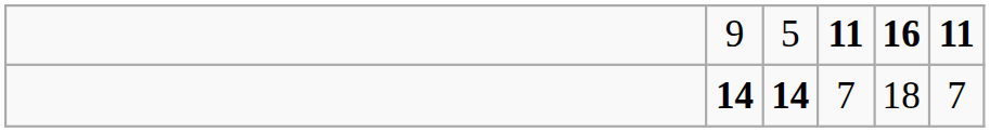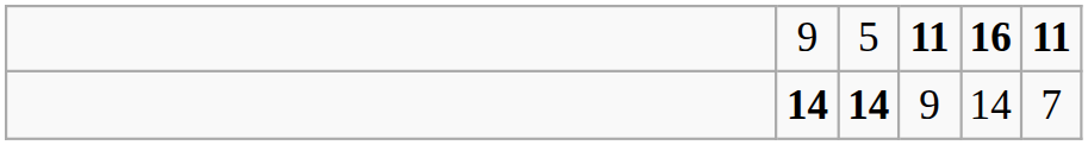 <table class="wikitable">
 <tr>
 <td style="width:18em"></td>
 <td align=center style="width:1em">9</td>
 <td align=center style="width:1em">5</td>
 <td align=center style="width:1em"><strong>11</strong></td>
 <td align=center style="width:1em"><strong>16</strong></td>
 <td align=center style="width:1em"><strong>11</strong></td>
 </tr>
 <tr>
 <td style="width:18em"></td>
 <td align=center style="width:1em"><strong>14</strong></td>
 <td align=center style="width:1em"><strong>14</strong></td>
-<td align=center style="width:1em">7</td>
-<td align=center style="width:1em">18</td>
+<td align=center style="width:1em">9</td>
+<td align=center style="width:1em">14</td>
 <td align=center style="width:1em">7</td>
 </tr>
 </table>
